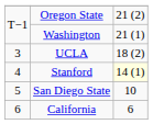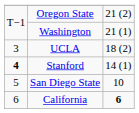 <table class="wikitable" style="display: inline-table;">
 <tr align="center">
 </tr>
 <tr align="center">
 <td rowspan="2">T−1</td>
 <td><a href='#'>Oregon State</a></td>
 <td>21 (2)</td>
 </tr>
 <tr align="center">
 <td><a href='#'>Washington</a></td>
 <td>21 (1)</td>
 </tr>
 <tr align="center">
 <td>3</td>
 <td><a href='#'>UCLA</a></td>
 <td>18 (2)</td>
 </tr>
 <tr align="center">
-<td>4</td>
+<td><strong>4</strong></td>
 <td><a href='#'>Stanford</a></td>
-<td style="background: lightyellow;">14 (1)</td>
+<td>14 (1)</td>
 </tr>
 <tr align="center">
 <td>5</td>
 <td><a href='#'>San Diego State</a></td>
 <td>10</td>
 </tr>
 <tr align="center">
 <td>6</td>
 <td><a href='#'>California</a></td>
-<td>6</td>
+<td><strong>6</strong></td>
 </tr>
 </table>
